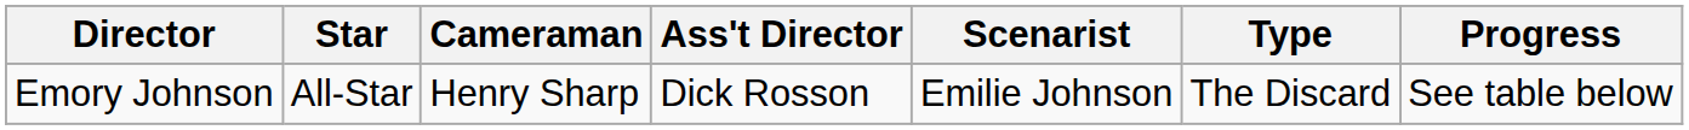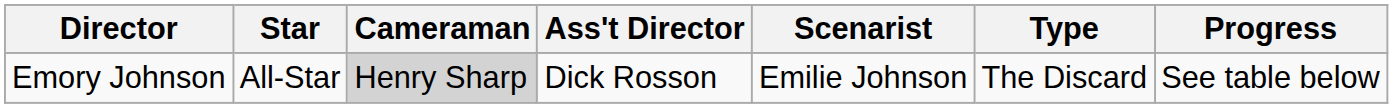 <table class="wikitable" style="margin-right: auto; border: none;">
 <tr>
 <th style=max-width:6em>Director</th>
 <th style=max-width:6em>Star</th>
 <th style=max-width:6em>Cameraman</th>
 <th style=max-width:12em>Ass't Director</th>
 <th style=max-width:6em>Scenarist</th>
 <th style=max-width:6em>Type</th>
 <th style=max-width:6em>Progress</th>
 </tr>
 <tr>
 <td>Emory Johnson</td>
 <td>All-Star</td>
-<td>Henry Sharp</td>
+<td style="background: lightgrey;">Henry Sharp</td>
 <td>Dick Rosson</td>
 <td>Emilie Johnson</td>
 <td>The Discard</td>
 <td>See table below</td>
 </tr>
 </table>
